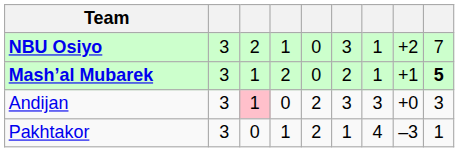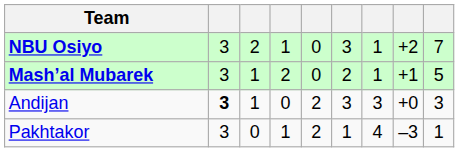 <table class="wikitable" style="text-align: center;">
 <tr>
 <th width=175>Team</th>
 <th width=20></th>
 <th width=20></th>
 <th width=20></th>
 <th width=20></th>
 <th width=20></th>
 <th width=20></th>
 <th width=20></th>
 <th width=20></th>
 </tr>
 <tr bgcolor=#ccffcc>
 <td align=left><strong><a href='#'>NBU Osiyo</a></strong></td>
 <td>3</td>
 <td>2</td>
 <td>1</td>
 <td>0</td>
 <td>3</td>
 <td>1</td>
 <td>+2</td>
 <td>7</td>
 </tr>
 <tr bgcolor=#ccffcc>
 <td align=left><strong><a href='#'>Mash’al Mubarek</a></strong></td>
 <td>3</td>
 <td>1</td>
 <td>2</td>
 <td>0</td>
 <td>2</td>
 <td>1</td>
 <td>+1</td>
-<td><strong>5</strong></td>
+<td>5</td>
 </tr>
 <tr>
 <td align=left><a href='#'>Andijan</a></td>
-<td>3</td>
-<td style="background: pink;">1</td>
+<td><strong>3</strong></td>
+<td>1</td>
 <td>0</td>
 <td>2</td>
 <td>3</td>
 <td>3</td>
 <td>+0</td>
 <td>3</td>
 </tr>
 <tr>
 <td align=left><a href='#'>Pakhtakor</a></td>
 <td>3</td>
 <td>0</td>
 <td>1</td>
 <td>2</td>
 <td>1</td>
 <td>4</td>
 <td>–3</td>
 <td>1</td>
 </tr>
 </table>
